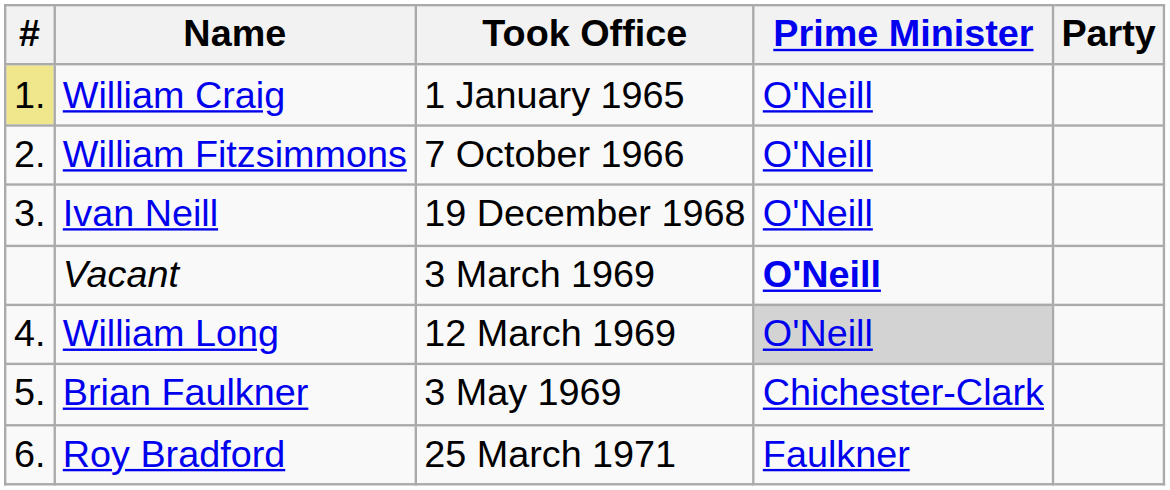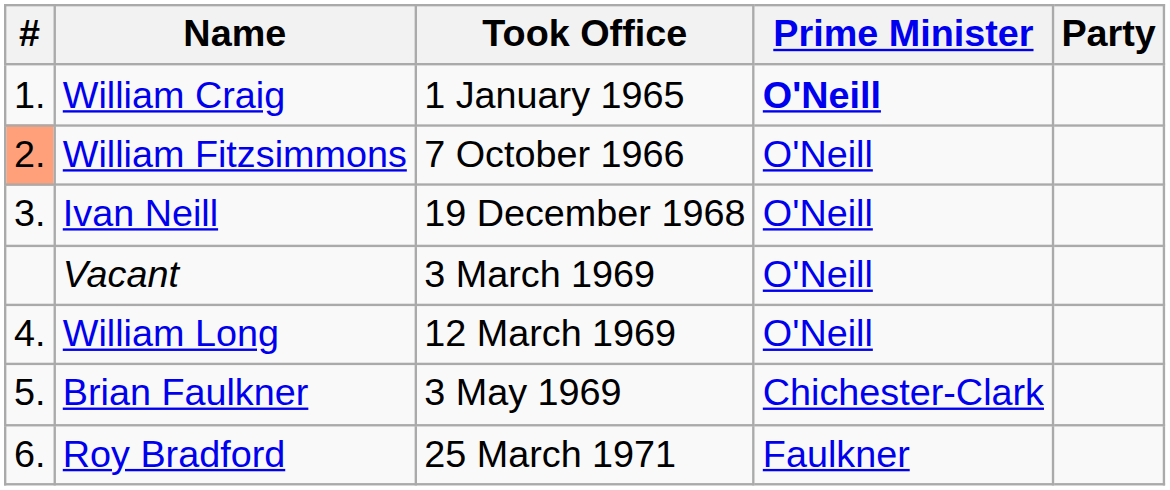 <table class="wikitable">
 <tr>
 <th>#</th>
 <th>Name</th>
 <th>Took Office</th>
 <th><a href='#'>Prime Minister</a></th>
 <th colspan=2>Party</th>
 </tr>
 <tr>
-<td style="background: khaki;">1.</td>
+<td>1.</td>
 <td><a href='#'>William Craig</a></td>
 <td>1 January 1965</td>
-<td><a href='#'>O'Neill</a></td>
+<td><strong><a href='#'>O'Neill</a></strong></td>
 <td></td>
 </tr>
 <tr>
-<td>2.</td>
+<td style="background: lightsalmon;">2.</td>
 <td><a href='#'>William Fitzsimmons</a></td>
 <td>7 October 1966</td>
 <td><a href='#'>O'Neill</a></td>
 <td></td>
 </tr>
 <tr>
 <td>3.</td>
 <td><a href='#'>Ivan Neill</a></td>
 <td>19 December 1968</td>
 <td><a href='#'>O'Neill</a></td>
 <td></td>
 </tr>
 <tr>
 <td></td>
 <td><em>Vacant</em></td>
 <td>3 March 1969</td>
-<td><strong><a href='#'>O'Neill</a></strong></td>
+<td><a href='#'>O'Neill</a></td>
 <td></td>
 </tr>
 <tr>
 <td>4.</td>
 <td><a href='#'>William Long</a></td>
 <td>12 March 1969</td>
-<td style="background: lightgrey;"><a href='#'>O'Neill</a></td>
+<td><a href='#'>O'Neill</a></td>
 <td></td>
 </tr>
 <tr>
 <td>5.</td>
 <td><a href='#'>Brian Faulkner</a></td>
 <td>3 May 1969</td>
 <td><a href='#'>Chichester-Clark</a></td>
 <td></td>
 </tr>
 <tr>
 <td>6.</td>
 <td><a href='#'>Roy Bradford</a></td>
 <td>25 March 1971</td>
 <td><a href='#'>Faulkner</a></td>
 <td></td>
 </tr>
 </table>
